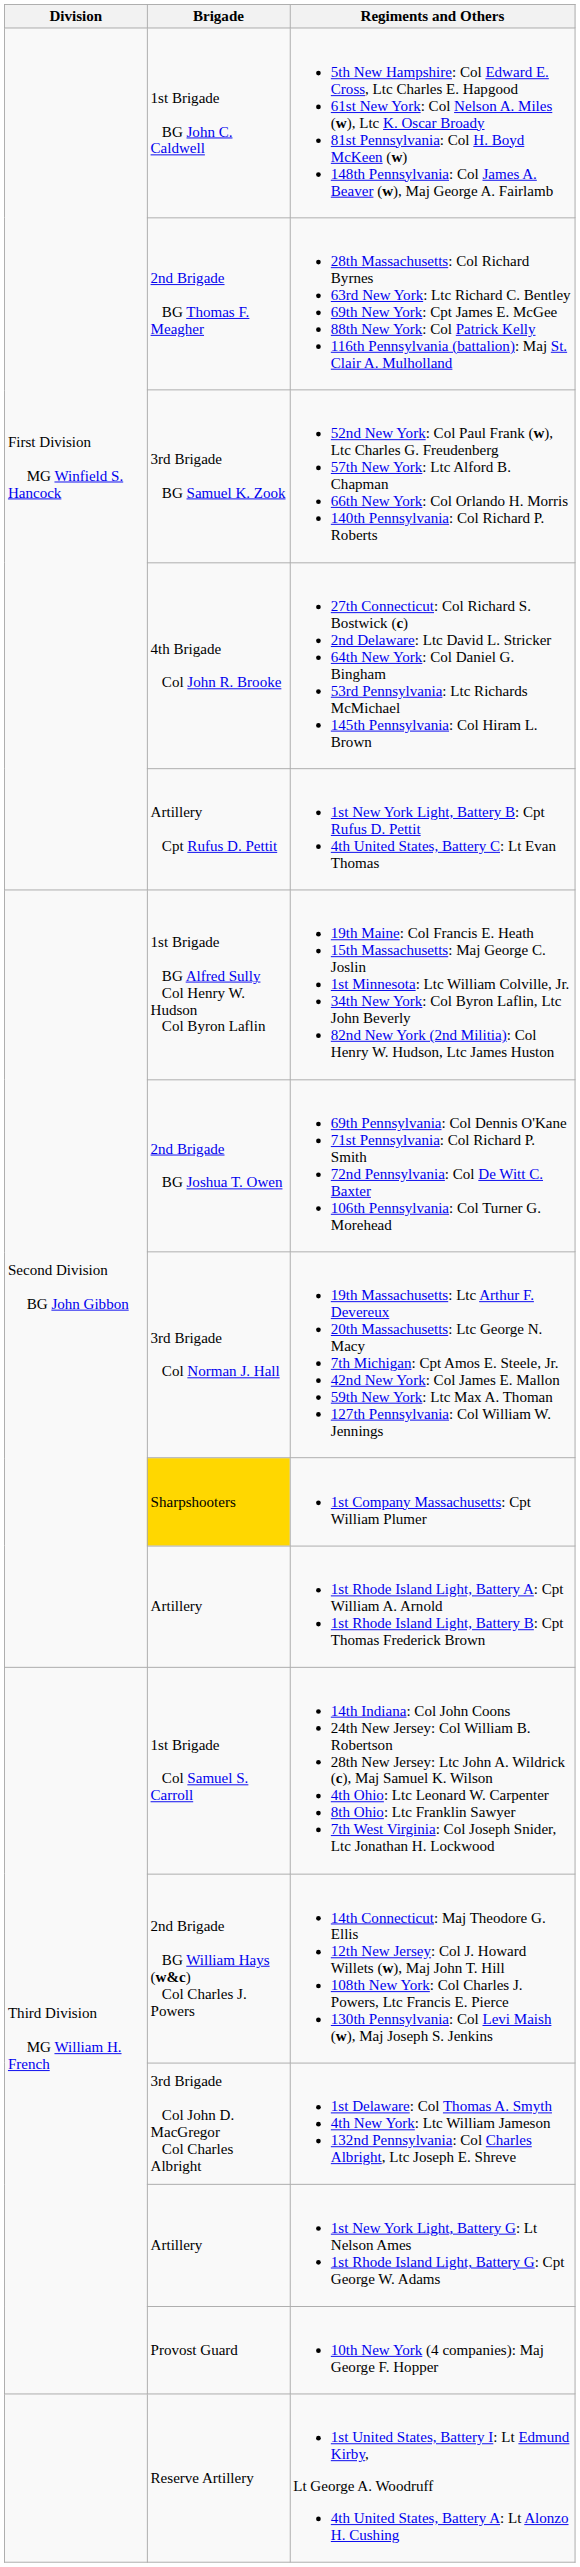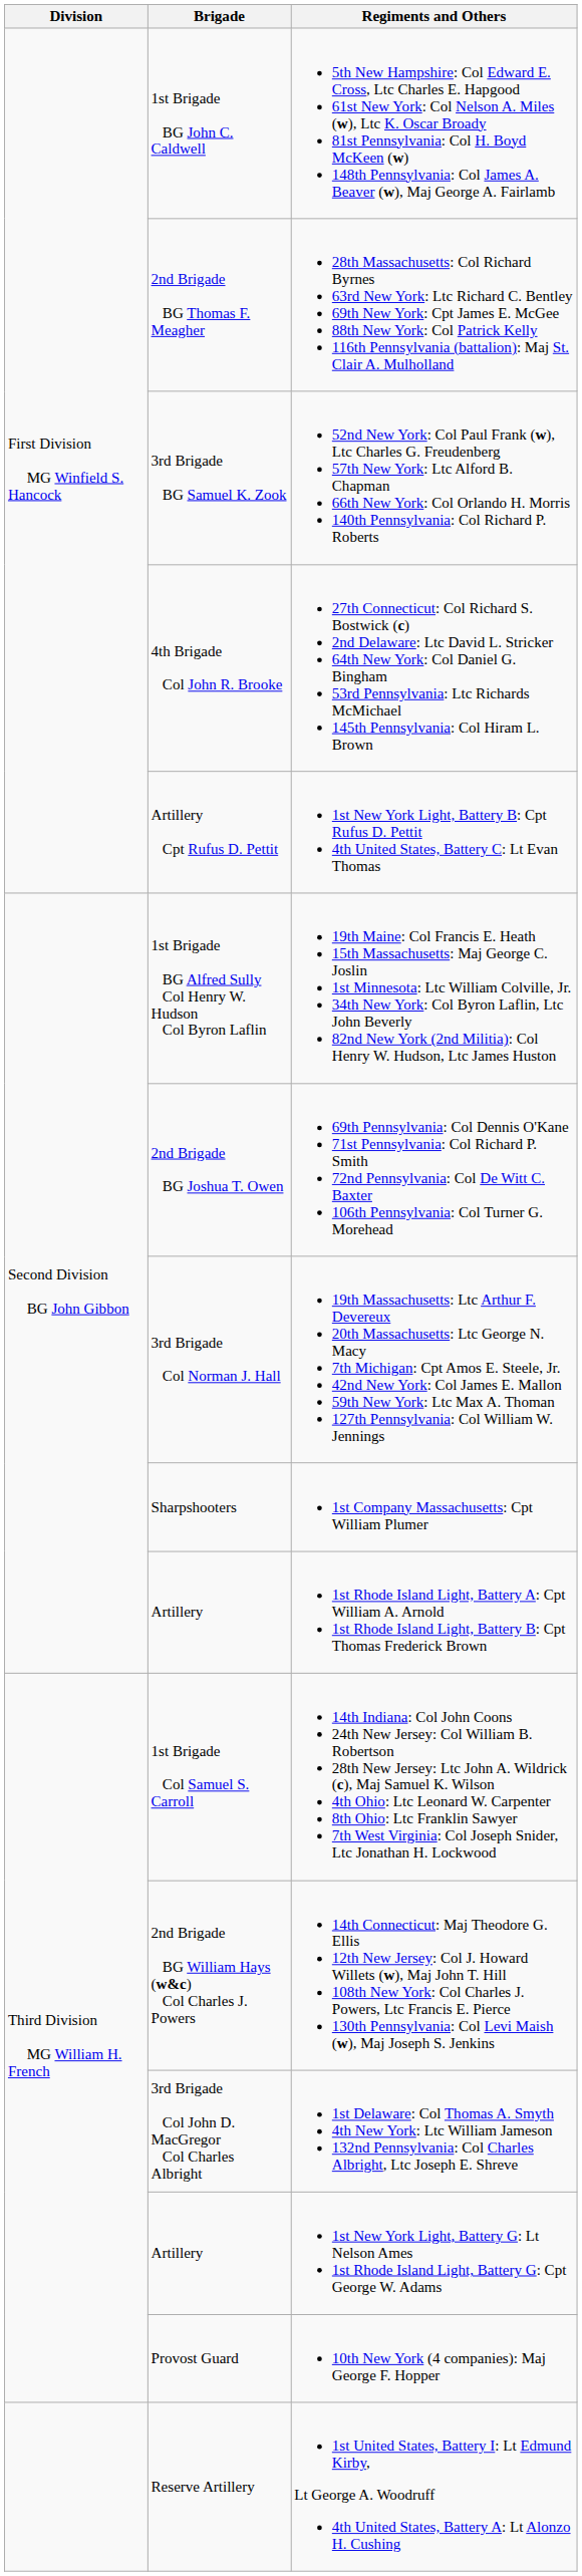 <table class="wikitable">
 <tr>
 <th width=25%>Division</th>
 <th width=25%>Brigade</th>
 <th>Regiments and Others</th>
 </tr>
 <tr>
 <td rowspan=5><br>First Division<br>  <br>     MG <a href='#'>Winfield S. Hancock</a></td>
 <td>1st Brigade<br><br>   BG <a href='#'>John C. Caldwell</a></td>
 <td><br><ul><li><a href='#'>5th New Hampshire</a>: Col <a href='#'>Edward E. Cross</a>, Ltc Charles E. Hapgood</li><li><a href='#'>61st New York</a>: Col <a href='#'>Nelson A. Miles</a> (<strong>w</strong>), Ltc <a href='#'>K. Oscar Broady</a></li><li><a href='#'>81st Pennsylvania</a>: Col <a href='#'>H. Boyd McKeen</a> (<strong>w</strong>)</li><li><a href='#'>148th Pennsylvania</a>: Col <a href='#'>James A. Beaver</a> (<strong>w</strong>), Maj George A. Fairlamb</li></ul></td>
 </tr>
 <tr>
 <td><a href='#'>2nd Brigade</a><br><br>   BG <a href='#'>Thomas F. Meagher</a></td>
 <td><br><ul><li><a href='#'>28th Massachusetts</a>: Col Richard Byrnes</li><li><a href='#'>63rd New York</a>: Ltc Richard C. Bentley</li><li><a href='#'>69th New York</a>: Cpt James E. McGee</li><li><a href='#'>88th New York</a>: Col <a href='#'>Patrick Kelly</a></li><li><a href='#'>116th Pennsylvania (battalion)</a>: Maj <a href='#'>St. Clair A. Mulholland</a></li></ul></td>
 </tr>
 <tr>
 <td>3rd Brigade<br><br>   BG <a href='#'>Samuel K. Zook</a></td>
 <td><br><ul><li><a href='#'>52nd New York</a>: Col Paul Frank (<strong>w</strong>), Ltc Charles G. Freudenberg</li><li><a href='#'>57th New York</a>: Ltc Alford B. Chapman</li><li><a href='#'>66th New York</a>: Col Orlando H. Morris</li><li><a href='#'>140th Pennsylvania</a>: Col Richard P. Roberts</li></ul></td>
 </tr>
 <tr>
 <td>4th Brigade<br><br>    Col <a href='#'>John R. Brooke</a></td>
 <td><br><ul><li><a href='#'>27th Connecticut</a>: Col Richard S. Bostwick (<strong>c</strong>)</li><li><a href='#'>2nd Delaware</a>: Ltc David L. Stricker</li><li><a href='#'>64th New York</a>: Col Daniel G. Bingham</li><li><a href='#'>53rd Pennsylvania</a>: Ltc Richards McMichael</li><li><a href='#'>145th Pennsylvania</a>: Col Hiram L. Brown</li></ul></td>
 </tr>
 <tr>
 <td>Artillery<br><br>   Cpt <a href='#'>Rufus D. Pettit</a></td>
 <td><br><ul><li><a href='#'>1st New York Light, Battery B</a>: Cpt <a href='#'>Rufus D. Pettit</a></li><li><a href='#'>4th United States, Battery C</a>: Lt Evan Thomas</li></ul></td>
 </tr>
 <tr>
 <td rowspan=5><br>Second Division<br> <br>     BG <a href='#'>John Gibbon</a></td>
 <td>1st Brigade<br><br>   BG <a href='#'>Alfred Sully</a> <br>   Col Henry W. Hudson <br>   Col Byron Laflin</td>
 <td><br><ul><li><a href='#'>19th Maine</a>: Col Francis E. Heath</li><li><a href='#'>15th Massachusetts</a>: Maj George C. Joslin</li><li><a href='#'>1st Minnesota</a>: Ltc William Colville, Jr.</li><li><a href='#'>34th New York</a>: Col Byron Laflin, Ltc John Beverly</li><li><a href='#'>82nd New York (2nd Militia)</a>: Col Henry W. Hudson, Ltc James Huston</li></ul></td>
 </tr>
 <tr>
 <td><a href='#'>2nd Brigade</a><br><br>   BG <a href='#'>Joshua T. Owen</a></td>
 <td><br><ul><li><a href='#'>69th Pennsylvania</a>: Col Dennis O'Kane</li><li><a href='#'>71st Pennsylvania</a>: Col Richard P. Smith</li><li><a href='#'>72nd Pennsylvania</a>: Col <a href='#'>De Witt C. Baxter</a></li><li><a href='#'>106th Pennsylvania</a>: Col Turner G. Morehead</li></ul></td>
 </tr>
 <tr>
 <td>3rd Brigade<br><br>   Col <a href='#'>Norman J. Hall</a></td>
 <td><br><ul><li><a href='#'>19th Massachusetts</a>: Ltc <a href='#'>Arthur F. Devereux</a></li><li><a href='#'>20th Massachusetts</a>: Ltc George N. Macy</li><li><a href='#'>7th Michigan</a>: Cpt Amos E. Steele, Jr.</li><li><a href='#'>42nd New York</a>: Col James E. Mallon</li><li><a href='#'>59th New York</a>: Ltc Max A. Thoman</li><li><a href='#'>127th Pennsylvania</a>: Col William W. Jennings</li></ul></td>
 </tr>
 <tr>
-<td style="background: gold;">Sharpshooters</td>
+<td>Sharpshooters</td>
 <td><br><ul><li><a href='#'>1st Company Massachusetts</a>: Cpt William Plumer</li></ul></td>
 </tr>
 <tr>
 <td>Artillery</td>
 <td><br><ul><li><a href='#'>1st Rhode Island Light, Battery A</a>: Cpt William A. Arnold</li><li><a href='#'>1st Rhode Island Light, Battery B</a>: Cpt Thomas Frederick Brown</li></ul></td>
 </tr>
 <tr>
 <td rowspan=5><br>Third Division<br> <br>     MG <a href='#'>William H. French</a></td>
 <td>1st Brigade<br><br>   Col <a href='#'>Samuel S. Carroll</a></td>
 <td><br><ul><li><a href='#'>14th Indiana</a>: Col John Coons</li><li>24th New Jersey: Col William B. Robertson</li><li>28th New Jersey: Ltc John A. Wildrick (<strong>c</strong>), Maj Samuel K. Wilson</li><li><a href='#'>4th Ohio</a>: Ltc Leonard W. Carpenter</li><li><a href='#'>8th Ohio</a>: Ltc Franklin Sawyer</li><li><a href='#'>7th West Virginia</a>: Col Joseph Snider, Ltc Jonathan H. Lockwood</li></ul></td>
 </tr>
 <tr>
 <td>2nd Brigade<br><br>   BG <a href='#'>William Hays</a> (<strong>w&c</strong>) <br>   Col Charles J. Powers</td>
 <td><br><ul><li><a href='#'>14th Connecticut</a>: Maj Theodore G. Ellis</li><li><a href='#'>12th New Jersey</a>: Col J. Howard Willets (<strong>w</strong>), Maj John T. Hill</li><li><a href='#'>108th New York</a>: Col Charles J. Powers, Ltc Francis E. Pierce</li><li><a href='#'>130th Pennsylvania</a>: Col <a href='#'>Levi Maish</a> (<strong>w</strong>), Maj Joseph S. Jenkins</li></ul></td>
 </tr>
 <tr>
 <td>3rd Brigade<br><br>   Col John D. MacGregor <br>   Col Charles Albright</td>
 <td><br><ul><li><a href='#'>1st Delaware</a>: Col <a href='#'>Thomas A. Smyth</a></li><li><a href='#'>4th New York</a>: Ltc William Jameson</li><li><a href='#'>132nd Pennsylvania</a>: Col <a href='#'>Charles Albright</a>, Ltc Joseph E. Shreve</li></ul></td>
 </tr>
 <tr>
 <td>Artillery</td>
 <td><br><ul><li><a href='#'>1st New York Light, Battery G</a>: Lt Nelson Ames</li><li><a href='#'>1st Rhode Island Light, Battery G</a>: Cpt George W. Adams</li></ul></td>
 </tr>
 <tr>
 <td>Provost Guard</td>
 <td><br><ul><li><a href='#'>10th New York</a> (4 companies): Maj George F. Hopper</li></ul></td>
 </tr>
 <tr>
 <td></td>
 <td>Reserve Artillery<br></td>
 <td><br><ul><li><a href='#'>1st United States, Battery I</a>: Lt <a href='#'>Edmund Kirby</a>,</li></ul>Lt George A. Woodruff<ul><li><a href='#'>4th United States, Battery A</a>: Lt <a href='#'>Alonzo H. Cushing</a></li></ul></td>
 </tr>
 </table>
